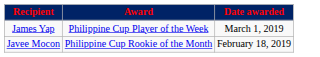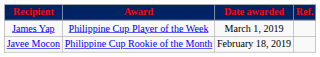 <table class="wikitable sortable sortable" style="text-align: center">
 <tr>
 <th style="background:#002366; color:#FE0003; ">Recipient</th>
 <th style="background:#002366; color:#FE0003; ">Award</th>
 <th style="background:#002366; color:#FE0003; ">Date awarded</th>
+<th style="background:#002366; color:#FE0003; ">Ref.</th>
 </tr>
 <tr>
 <td><a href='#'>James Yap</a></td>
 <td><a href='#'>Philippine Cup Player of the Week</a></td>
 <td>March 1, 2019</td>
+<td></td>
 </tr>
 <tr>
 <td><a href='#'>Javee Mocon</a></td>
 <td><a href='#'>Philippine Cup Rookie of the Month</a></td>
 <td>February 18, 2019</td>
+<td></td>
 </tr>
 </table>
